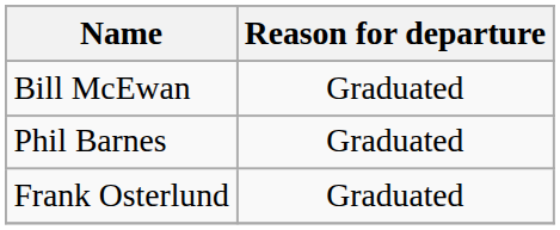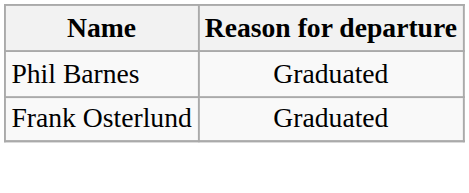 <table class="wikitable sortable"  style="text-align:center; font-size:90%; ">
 <tr>
 <th>Name</th>
 <th class="unsortable">Reason for departure</th>
-</tr>
-<tr>
-<td align="left">Bill McEwan</td>
-<td>Graduated</td>
 </tr>
 <tr>
 <td align="left">Phil Barnes</td>
 <td>Graduated</td>
 </tr>
 <tr>
 <td align="left">Frank Osterlund</td>
 <td>Graduated</td>
 </tr>
 <tr>
 </tr>
 </table>
